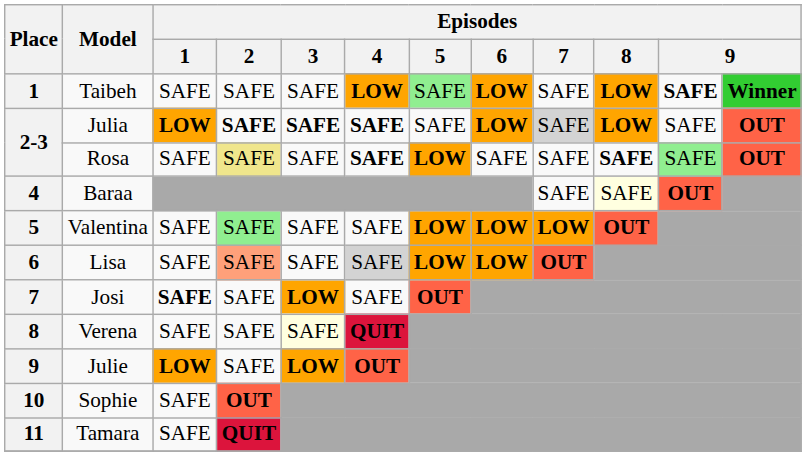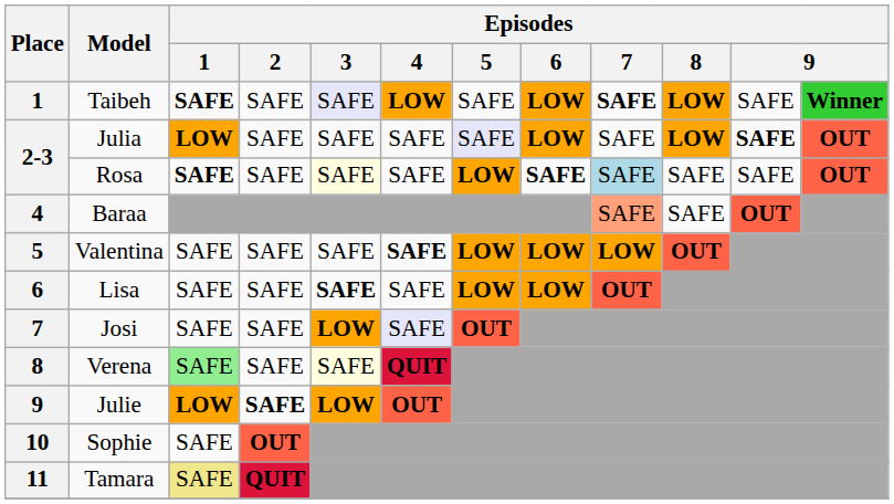 <table class="wikitable" style="text-align:center; font-size:92%">
 <tr>
 <th rowspan="2">Place</th>
 <th rowspan="2">Model</th>
 <th colspan="10">Episodes</th>
 </tr>
 <tr>
 <th>1</th>
 <th>2</th>
 <th>3</th>
 <th>4</th>
 <th>5</th>
 <th>6</th>
 <th>7</th>
 <th>8</th>
 <th colspan="2">9</th>
 </tr>
 <tr>
 <th>1</th>
 <td>Taibeh</td>
+<td><strong>SAFE</strong></td>
 <td>SAFE</td>
-<td>SAFE</td>
-<td>SAFE</td>
-<td bgcolor="orange"><strong>LOW</strong></td>
-<td style="background: lightgreen;">SAFE</td>
+<td style="background: lavender;">SAFE</td>
 <td bgcolor="orange"><strong>LOW</strong></td>
 <td>SAFE</td>
 <td bgcolor="orange"><strong>LOW</strong></td>
 <td><strong>SAFE</strong></td>
+<td bgcolor="orange"><strong>LOW</strong></td>
+<td>SAFE</td>
 <td bgcolor="limegreen"><strong>Winner</strong></td>
 </tr>
 <tr>
 <th rowspan="2">2-3</th>
 <td>Julia</td>
 <td bgcolor="orange"><strong>LOW</strong></td>
-<td><strong>SAFE</strong></td>
-<td><strong>SAFE</strong></td>
-<td><strong>SAFE</strong></td>
+<td>SAFE</td>
+<td>SAFE</td>
+<td>SAFE</td>
+<td style="background: lavender;">SAFE</td>
+<td bgcolor="orange"><strong>LOW</strong></td>
 <td>SAFE</td>
 <td bgcolor="orange"><strong>LOW</strong></td>
-<td style="background: lightgrey;">SAFE</td>
-<td bgcolor="orange"><strong>LOW</strong></td>
-<td>SAFE</td>
+<td><strong>SAFE</strong></td>
 <td bgcolor="tomato"><strong>OUT</strong></td>
 </tr>
 <tr>
 <td>Rosa</td>
+<td><strong>SAFE</strong></td>
 <td>SAFE</td>
-<td style="background: khaki;">SAFE</td>
+<td style="background: lightyellow;">SAFE</td>
 <td>SAFE</td>
+<td bgcolor="orange"><strong>LOW</strong></td>
 <td><strong>SAFE</strong></td>
-<td bgcolor="orange"><strong>LOW</strong></td>
+<td style="background: lightblue;">SAFE</td>
 <td>SAFE</td>
 <td>SAFE</td>
-<td><strong>SAFE</strong></td>
-<td style="background: lightgreen;">SAFE</td>
 <td bgcolor="tomato"><strong>OUT</strong></td>
 </tr>
 <tr>
 <th>4</th>
 <td>Baraa</td>
 <td colspan="6" bgcolor="darkgrey"></td>
+<td style="background: lightsalmon;">SAFE</td>
 <td>SAFE</td>
-<td style="background: lightyellow;">SAFE</td>
 <td bgcolor="tomato"><strong>OUT</strong></td>
 <td bgcolor="darkgrey"></td>
 </tr>
 <tr>
 <th>5</th>
 <td>Valentina</td>
 <td>SAFE</td>
-<td style="background: lightgreen;">SAFE</td>
 <td>SAFE</td>
 <td>SAFE</td>
+<td><strong>SAFE</strong></td>
 <td bgcolor="orange"><strong>LOW</strong></td>
 <td bgcolor="orange"><strong>LOW</strong></td>
 <td bgcolor="orange"><strong>LOW</strong></td>
 <td bgcolor="tomato"><strong>OUT</strong></td>
 <td colspan="2" bgcolor="darkgrey"></td>
 </tr>
 <tr>
 <th>6</th>
 <td>Lisa</td>
 <td>SAFE</td>
-<td style="background: lightsalmon;">SAFE</td>
 <td>SAFE</td>
-<td style="background: lightgrey;">SAFE</td>
+<td><strong>SAFE</strong></td>
+<td>SAFE</td>
 <td bgcolor="orange"><strong>LOW</strong></td>
 <td bgcolor="orange"><strong>LOW</strong></td>
 <td bgcolor="tomato"><strong>OUT</strong></td>
 <td colspan="3" bgcolor="darkgrey"></td>
 </tr>
 <tr>
 <th>7</th>
 <td>Josi</td>
-<td><strong>SAFE</strong></td>
+<td>SAFE</td>
 <td>SAFE</td>
 <td bgcolor="orange"><strong>LOW</strong></td>
-<td>SAFE</td>
+<td style="background: lavender;">SAFE</td>
 <td bgcolor="tomato"><strong>OUT</strong></td>
 <td colspan="5" bgcolor="darkgrey"></td>
 </tr>
 <tr>
 <th>8</th>
 <td>Verena</td>
-<td>SAFE</td>
+<td style="background: lightgreen;">SAFE</td>
 <td>SAFE</td>
 <td style="background: lightyellow;">SAFE</td>
 <td bgcolor="crimson"><span><strong>QUIT</strong></span></td>
 <td colspan="6" bgcolor="darkgrey"></td>
 </tr>
 <tr>
 <th>9</th>
 <td>Julie</td>
 <td bgcolor="orange"><strong>LOW</strong></td>
-<td>SAFE</td>
+<td><strong>SAFE</strong></td>
 <td bgcolor="orange"><strong>LOW</strong></td>
 <td bgcolor="tomato"><strong>OUT</strong></td>
 <td colspan="6" bgcolor="darkgrey"></td>
 </tr>
 <tr>
 <th>10</th>
 <td>Sophie</td>
 <td>SAFE</td>
 <td bgcolor="tomato"><strong>OUT</strong></td>
 <td colspan="8" bgcolor="darkgrey"></td>
 </tr>
 <tr>
 <th>11</th>
 <td>Tamara</td>
-<td>SAFE</td>
+<td style="background: khaki;">SAFE</td>
 <td bgcolor="crimson"><span><strong>QUIT</strong></span></td>
 <td colspan="8" bgcolor="darkgrey"></td>
 </tr>
 <tr>
 </tr>
 </table>
